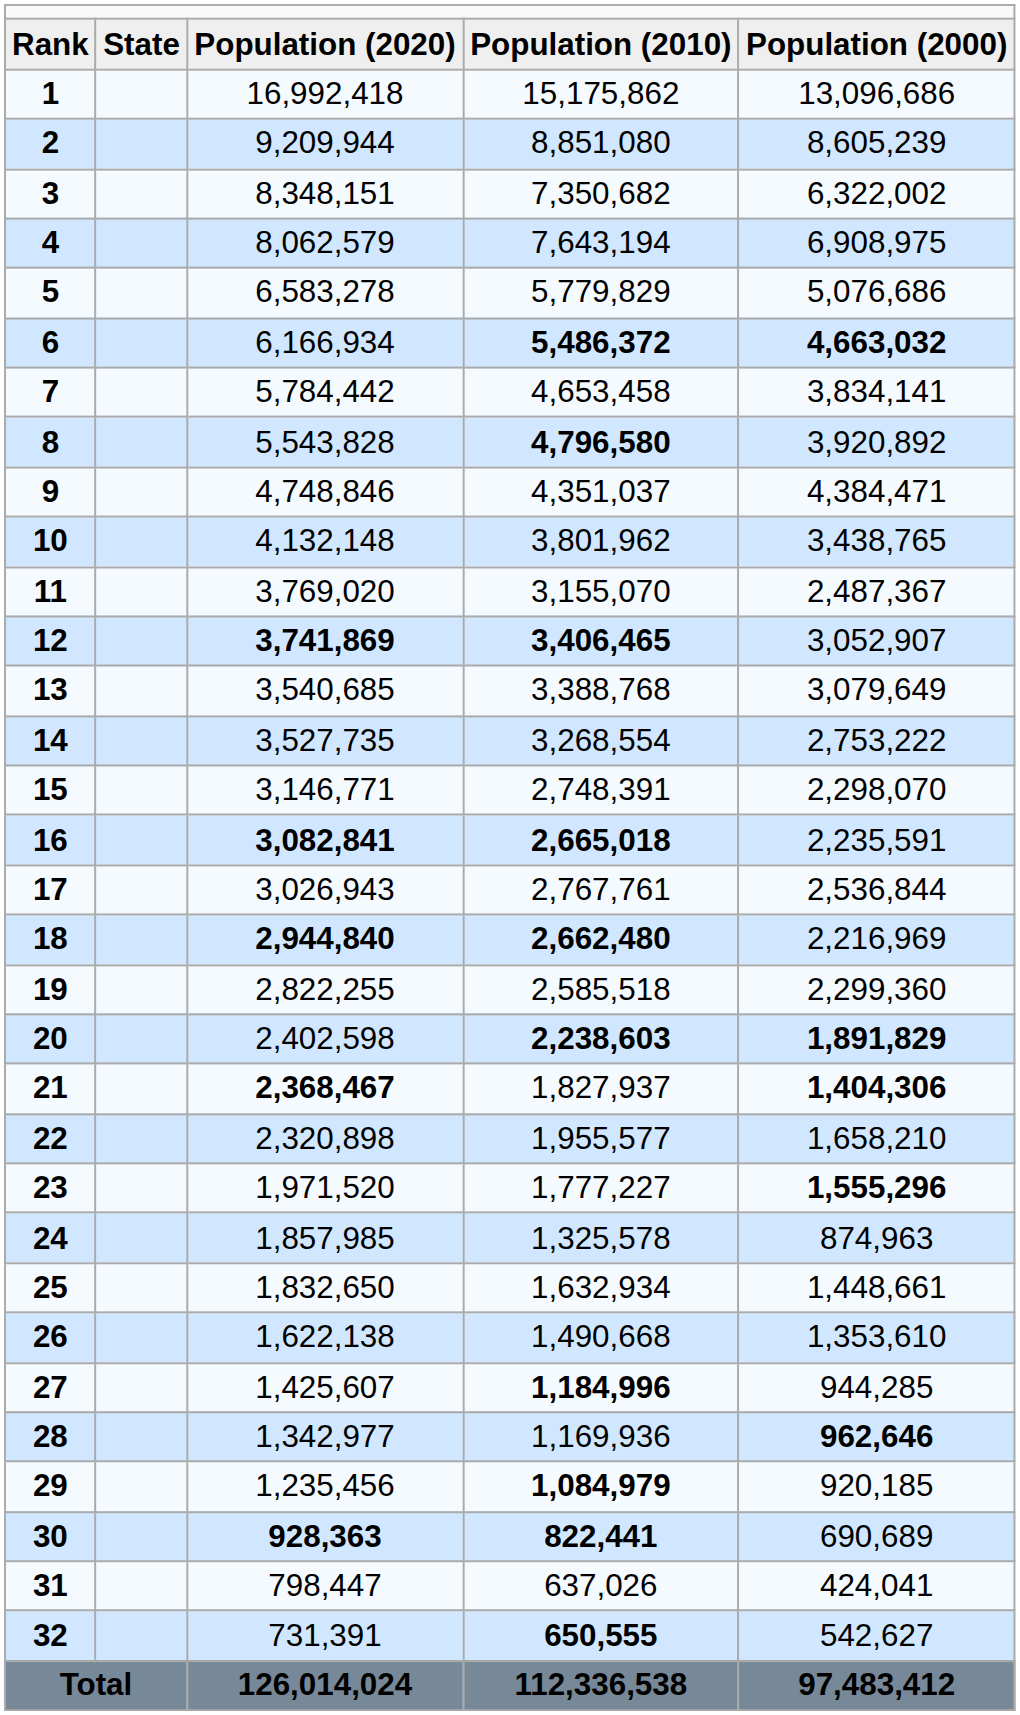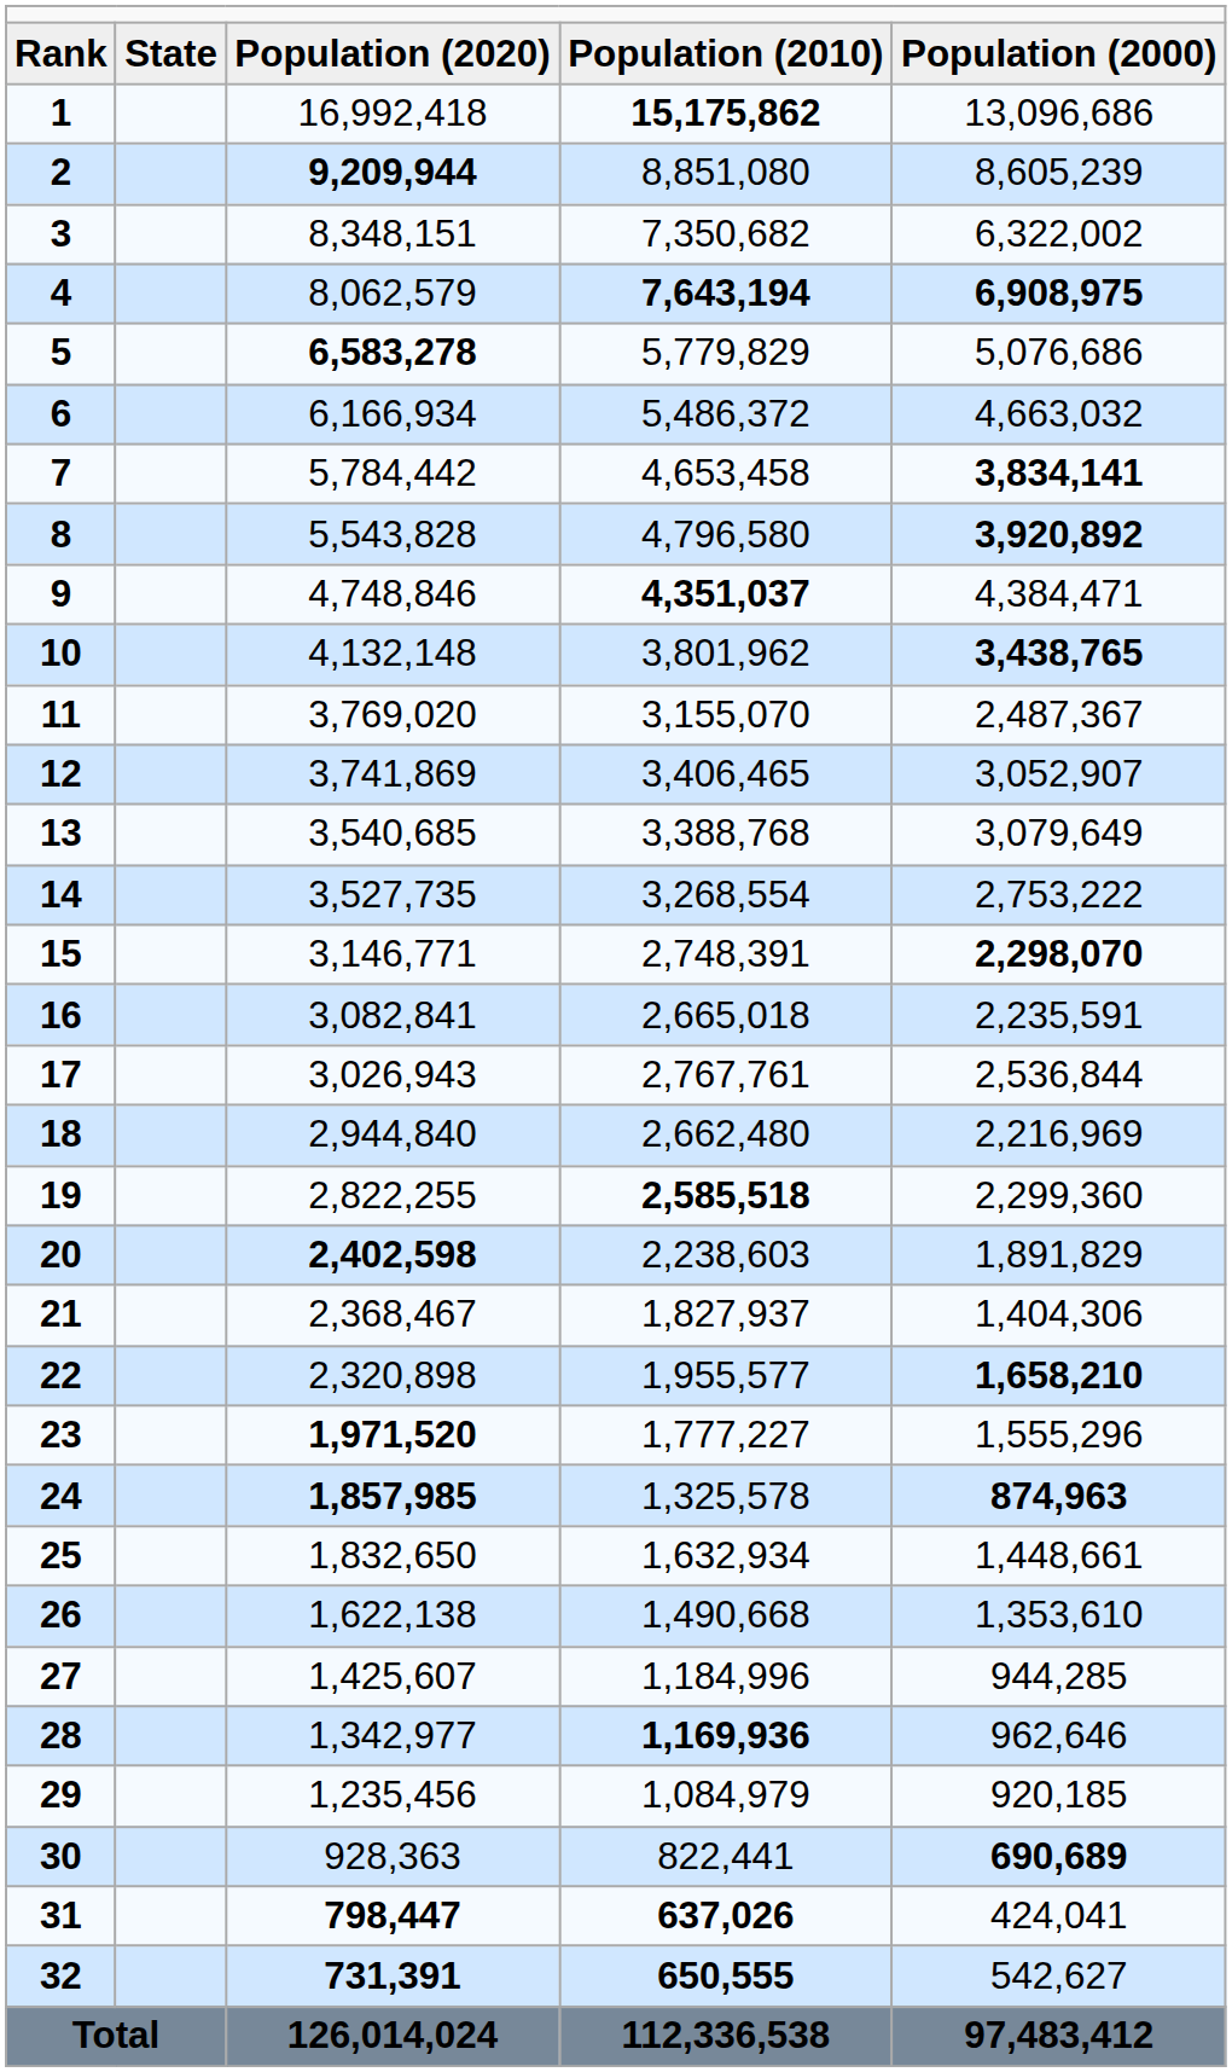 <table class="wikitable" style="margin:0 auto">
 <tr>
 <td align=center colspan=5></td>
 </tr>
 <tr bgcolor=#efefef align=center>
 <td><strong>Rank</strong></td>
 <td><strong>State</strong></td>
 <td><strong>Population (2020)</strong></td>
 <td><strong>Population (2010)</strong></td>
 <td><strong>Population (2000)</strong></td>
 </tr>
 <tr bgcolor="#f5faff">
 <td align="center"><strong>1</strong></td>
 <td align="left"></td>
 <td align="center">16,992,418</td>
-<td align="center">15,175,862</td>
+<td align="center"><strong>15,175,862</strong></td>
 <td align="center">13,096,686</td>
 </tr>
 <tr bgcolor="#d0e7ff">
 <td align="center"><strong>2</strong></td>
 <td align="left"></td>
-<td align="center">9,209,944</td>
+<td align="center"><strong>9,209,944</strong></td>
 <td align="center">8,851,080</td>
 <td align="center">8,605,239</td>
 </tr>
 <tr bgcolor="#f5faff">
 <td align="center"><strong>3</strong></td>
 <td align="left"></td>
 <td align="center">8,348,151</td>
 <td align="center">7,350,682</td>
 <td align="center">6,322,002</td>
 </tr>
 <tr bgcolor="#d0e7ff">
 <td align="center"><strong>4</strong></td>
 <td align="left"></td>
 <td align="center">8,062,579</td>
-<td align="center">7,643,194</td>
-<td align="center">6,908,975</td>
+<td align="center"><strong>7,643,194</strong></td>
+<td align="center"><strong>6,908,975</strong></td>
 </tr>
 <tr bgcolor="#f5faff">
 <td align="center"><strong>5</strong></td>
 <td align="left"></td>
-<td align="center">6,583,278</td>
+<td align="center"><strong>6,583,278</strong></td>
 <td align="center">5,779,829</td>
 <td align="center">5,076,686</td>
 </tr>
 <tr bgcolor="#d0e7ff">
 <td align="center"><strong>6</strong></td>
 <td align="left"></td>
 <td align="center">6,166,934</td>
-<td align="center"><strong>5,486,372</strong></td>
-<td align="center"><strong>4,663,032</strong></td>
+<td align="center">5,486,372</td>
+<td align="center">4,663,032</td>
 </tr>
 <tr bgcolor="#f5faff">
 <td align="center"><strong>7</strong></td>
 <td align="left"></td>
 <td align="center">5,784,442</td>
 <td align="center">4,653,458</td>
-<td align="center">3,834,141</td>
+<td align="center"><strong>3,834,141</strong></td>
 </tr>
 <tr bgcolor="#d0e7ff">
 <td align="center"><strong>8</strong></td>
 <td align="left"></td>
 <td align="center">5,543,828</td>
-<td align="center"><strong>4,796,580</strong></td>
-<td align="center">3,920,892</td>
+<td align="center">4,796,580</td>
+<td align="center"><strong>3,920,892</strong></td>
 </tr>
 <tr bgcolor="#f5faff">
 <td align="center"><strong>9</strong></td>
 <td align="left"></td>
 <td align="center">4,748,846</td>
-<td align="center">4,351,037</td>
+<td align="center"><strong>4,351,037</strong></td>
 <td align="center">4,384,471</td>
 </tr>
 <tr bgcolor="#d0e7ff">
 <td align="center"><strong>10</strong></td>
 <td align="left"></td>
 <td align="center">4,132,148</td>
 <td align="center">3,801,962</td>
-<td align="center">3,438,765</td>
+<td align="center"><strong>3,438,765</strong></td>
 </tr>
 <tr bgcolor="#f5faff">
 <td align="center"><strong>11</strong></td>
 <td align="left"></td>
 <td align="center">3,769,020</td>
 <td align="center">3,155,070</td>
 <td align="center">2,487,367</td>
 </tr>
 <tr bgcolor="#d0e7ff">
 <td align="center"><strong>12</strong></td>
 <td align="left"></td>
-<td align="center"><strong>3,741,869</strong></td>
-<td align="center"><strong>3,406,465</strong></td>
+<td align="center">3,741,869</td>
+<td align="center">3,406,465</td>
 <td align="center">3,052,907</td>
 </tr>
 <tr bgcolor="#f5faff">
 <td align="center"><strong>13</strong></td>
 <td align="left"></td>
 <td align="center">3,540,685</td>
 <td align="center">3,388,768</td>
 <td align="center">3,079,649</td>
 </tr>
 <tr bgcolor="#d0e7ff">
 <td align="center"><strong>14</strong></td>
 <td align="left"></td>
 <td align="center">3,527,735</td>
 <td align="center">3,268,554</td>
 <td align="center">2,753,222</td>
 </tr>
 <tr bgcolor="#f5faff">
 <td align="center"><strong>15</strong></td>
 <td align="left"></td>
 <td align="center">3,146,771</td>
 <td align="center">2,748,391</td>
-<td align="center">2,298,070</td>
+<td align="center"><strong>2,298,070</strong></td>
 </tr>
 <tr bgcolor="#d0e7ff">
 <td align="center"><strong>16</strong></td>
 <td align="left"></td>
-<td align="center"><strong>3,082,841</strong></td>
-<td align="center"><strong>2,665,018</strong></td>
+<td align="center">3,082,841</td>
+<td align="center">2,665,018</td>
 <td align="center">2,235,591</td>
 </tr>
 <tr bgcolor="#f5faff">
 <td align="center"><strong>17</strong></td>
 <td align="left"></td>
 <td align="center">3,026,943</td>
 <td align="center">2,767,761</td>
 <td align="center">2,536,844</td>
 </tr>
 <tr bgcolor="#d0e7ff">
 <td align="center"><strong>18</strong></td>
 <td align="left"></td>
-<td align="center"><strong>2,944,840</strong></td>
-<td align="center"><strong>2,662,480</strong></td>
+<td align="center">2,944,840</td>
+<td align="center">2,662,480</td>
 <td align="center">2,216,969</td>
 </tr>
 <tr bgcolor="#f5faff">
 <td align="center"><strong>19</strong></td>
 <td align="left"></td>
 <td align="center">2,822,255</td>
-<td align="center">2,585,518</td>
+<td align="center"><strong>2,585,518</strong></td>
 <td align="center">2,299,360</td>
 </tr>
 <tr bgcolor="#d0e7ff">
 <td align="center"><strong>20</strong></td>
 <td align="left"></td>
-<td align="center">2,402,598</td>
-<td align="center"><strong>2,238,603</strong></td>
-<td align="center"><strong>1,891,829</strong></td>
+<td align="center"><strong>2,402,598</strong></td>
+<td align="center">2,238,603</td>
+<td align="center">1,891,829</td>
 </tr>
 <tr bgcolor="#f5faff">
 <td align="center"><strong>21</strong></td>
 <td align="left"></td>
-<td align="center"><strong>2,368,467</strong></td>
+<td align="center">2,368,467</td>
 <td align="center">1,827,937</td>
-<td align="center"><strong>1,404,306</strong></td>
+<td align="center">1,404,306</td>
 </tr>
 <tr bgcolor="#d0e7ff">
 <td align="center"><strong>22</strong></td>
 <td align="left"></td>
 <td align="center">2,320,898</td>
 <td align="center">1,955,577</td>
-<td align="center">1,658,210</td>
+<td align="center"><strong>1,658,210</strong></td>
 </tr>
 <tr bgcolor="#f5faff">
 <td align="center"><strong>23</strong></td>
 <td align="left"></td>
-<td align="center">1,971,520</td>
+<td align="center"><strong>1,971,520</strong></td>
 <td align="center">1,777,227</td>
-<td align="center"><strong>1,555,296</strong></td>
+<td align="center">1,555,296</td>
 </tr>
 <tr bgcolor="#d0e7ff">
 <td align="center"><strong>24</strong></td>
 <td align="left"></td>
-<td align="center">1,857,985</td>
+<td align="center"><strong>1,857,985</strong></td>
 <td align="center">1,325,578</td>
-<td align="center">874,963</td>
+<td align="center"><strong>874,963</strong></td>
 </tr>
 <tr bgcolor="#f5faff">
 <td align="center"><strong>25</strong></td>
 <td align="left"></td>
 <td align="center">1,832,650</td>
 <td align="center">1,632,934</td>
 <td align="center">1,448,661</td>
 </tr>
 <tr bgcolor="#d0e7ff">
 <td align="center"><strong>26</strong></td>
 <td align="left"></td>
 <td align="center">1,622,138</td>
 <td align="center">1,490,668</td>
 <td align="center">1,353,610</td>
 </tr>
 <tr bgcolor="#f5faff">
 <td align="center"><strong>27</strong></td>
 <td align="left"></td>
 <td align="center">1,425,607</td>
-<td align="center"><strong>1,184,996</strong></td>
+<td align="center">1,184,996</td>
 <td align="center">944,285</td>
 </tr>
 <tr bgcolor="#d0e7ff">
 <td align="center"><strong>28</strong></td>
 <td align="left"></td>
 <td align="center">1,342,977</td>
-<td align="center">1,169,936</td>
-<td align="center"><strong>962,646</strong></td>
+<td align="center"><strong>1,169,936</strong></td>
+<td align="center">962,646</td>
 </tr>
 <tr bgcolor="#f5faff">
 <td align="center"><strong>29</strong></td>
 <td align="left"></td>
 <td align="center">1,235,456</td>
-<td align="center"><strong>1,084,979</strong></td>
+<td align="center">1,084,979</td>
 <td align="center">920,185</td>
 </tr>
 <tr bgcolor="#d0e7ff">
 <td align="center"><strong>30</strong></td>
 <td align="left"></td>
-<td align="center"><strong>928,363</strong></td>
-<td align="center"><strong>822,441</strong></td>
-<td align="center">690,689</td>
+<td align="center">928,363</td>
+<td align="center">822,441</td>
+<td align="center"><strong>690,689</strong></td>
 </tr>
 <tr bgcolor="#f5faff">
 <td align="center"><strong>31</strong></td>
 <td align="left"></td>
-<td align="center">798,447</td>
-<td align="center">637,026</td>
+<td align="center"><strong>798,447</strong></td>
+<td align="center"><strong>637,026</strong></td>
 <td align="center">424,041</td>
 </tr>
 <tr bgcolor="#d0e7ff">
 <td align="center"><strong>32</strong></td>
 <td align="left"></td>
-<td align="center">731,391</td>
+<td align="center"><strong>731,391</strong></td>
 <td align="center"><strong>650,555</strong></td>
 <td align="center">542,627</td>
 </tr>
 <tr bgcolor="#778899">
 <td align="center" colspan="2"><strong>Total</strong></td>
 <td align="center"><strong>126,014,024</strong></td>
 <td align="center"><strong>112,336,538</strong></td>
 <td align="center"><strong>97,483,412</strong></td>
 </tr>
 </table>
